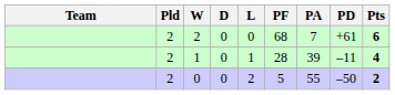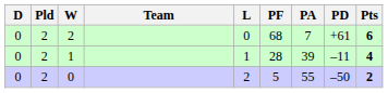 <table class="wikitable" style="text-align:center;">
 <tr>
-<th width=175>Team</th>
+<th width=25 abbr="Drawn">D</th>
 <th width=25 abbr="Played">Pld</th>
 <th width=25 abbr="Won">W</th>
-<th width=25 abbr="Drawn">D</th>
+<th width=175>Team</th>
 <th width=25 abbr="Lost">L</th>
 <th width=32 abbr="Points for">PF</th>
 <th width=32 abbr="Points against">PA</th>
 <th width=32 abbr="Points difference">PD</th>
 <th width=25 abbr="Points">Pts</th>
 </tr>
 <tr bgcolor=ccffcc>
-<td align=left></td>
+<td>0</td>
 <td>2</td>
 <td>2</td>
-<td>0</td>
+<td align=left></td>
 <td>0</td>
 <td>68</td>
 <td>7</td>
 <td>+61</td>
 <td><strong>6</strong></td>
 </tr>
 <tr bgcolor=ccffcc>
-<td align=left></td>
+<td>0</td>
 <td>2</td>
 <td>1</td>
-<td>0</td>
+<td align=left></td>
 <td>1</td>
 <td>28</td>
 <td>39</td>
 <td>–11</td>
 <td><strong>4</strong></td>
 </tr>
 <tr bgcolor=ccccff>
-<td align=left></td>
+<td>0</td>
 <td>2</td>
 <td>0</td>
-<td>0</td>
+<td align=left></td>
 <td>2</td>
 <td>5</td>
 <td>55</td>
 <td>–50</td>
 <td><strong>2</strong></td>
 </tr>
 </table>
